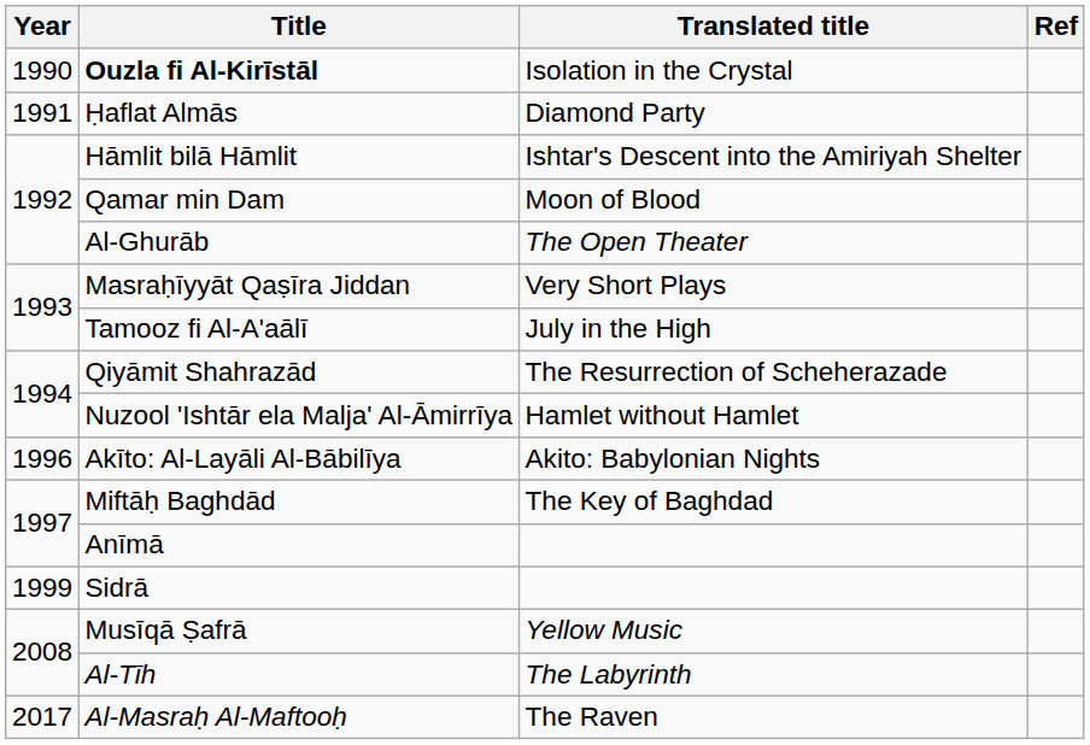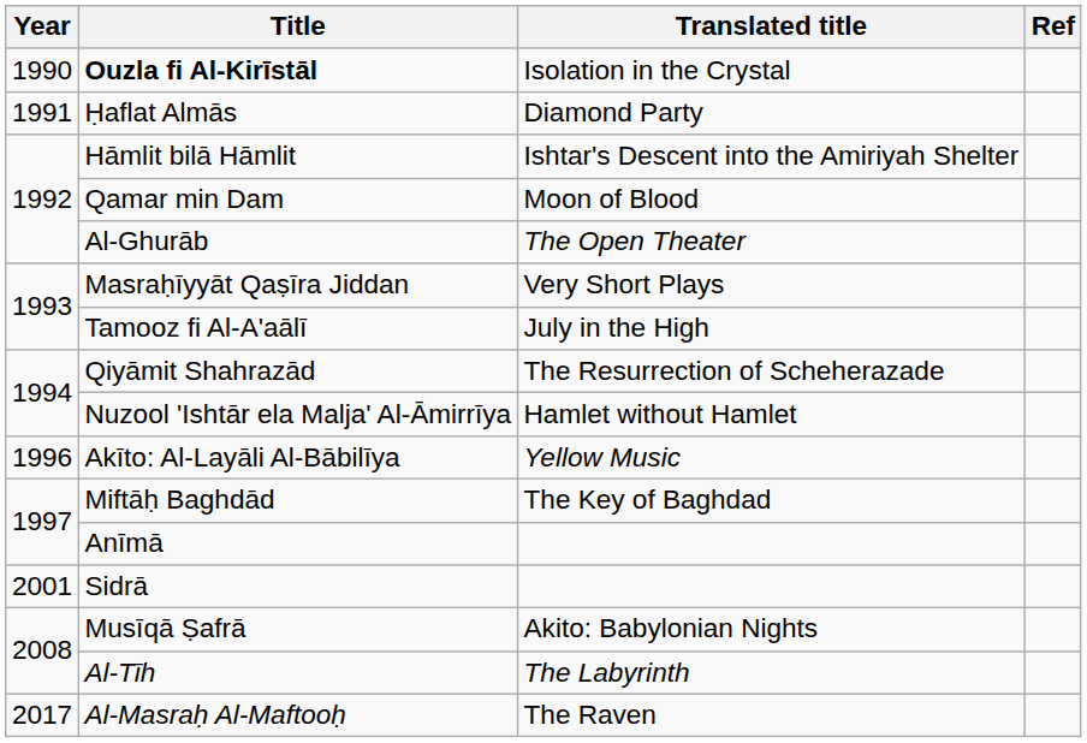 <table class="wikitable sortable">
 <tr>
 <th>Year</th>
 <th>Title</th>
 <th>Translated title</th>
 <th class="unsortable">Ref</th>
 </tr>
 <tr>
 <td>1990</td>
 <td><strong>Ouzla fi Al-Kirīstāl<em></td>
 <td></em>Isolation in the Crystal<em></td>
 <td></td>
 </tr>
 <tr>
 <td>1991</td>
 <td></em>Ḥaflat Almās<em></td>
 <td></em>Diamond Party<em></td>
 <td></td>
 </tr>
 <tr>
 <td rowspan="3">1992</td>
 <td></em>Hāmlit bilā Hāmlit<em></td>
 <td></em>Ishtar's Descent into the Amiriyah Shelter<em></td>
 <td></td>
 </tr>
 <tr>
 <td></em>Qamar min Dam<em></td>
 <td></em>Moon of Blood<em></td>
 <td></td>
 </tr>
 <tr>
 <td></em>Al-Ghurāb<em></td>
 <td><em>The Open Theater</em></td>
 <td></td>
 </tr>
 <tr>
 <td rowspan="2">1993</td>
 <td></em>Masraḥīyyāt Qaṣīra Jiddan<em></td>
 <td></em>Very Short Plays<em></td>
 <td></td>
 </tr>
 <tr>
 <td></em>Tamooz fi Al-A'aālī<em></td>
 <td></em>July in the High<em></td>
 <td></td>
 </tr>
 <tr>
 <td rowspan="2">1994</td>
 <td></em>Qiyāmit Shahrazād<em></td>
 <td></em>The Resurrection of Scheherazade<em></td>
 <td></td>
 </tr>
 <tr>
 <td></em>Nuzool 'Ishtār ela Malja' Al-Āmirrīya<em></td>
 <td></em>Hamlet without Hamlet<em></td>
 <td></td>
 </tr>
 <tr>
 <td>1996</td>
 <td></em>Akīto: Al-Layāli Al-Bābilīya<em></td>
-<td></em>Akito: Babylonian Nights<em></td>
+<td><em>Yellow Music</em></td>
 <td></td>
 </tr>
 <tr>
 <td rowspan="2">1997</td>
 <td></em>Miftāḥ Baghdād<em></td>
 <td></em>The Key of Baghdad<em></td>
 <td></td>
 </tr>
 <tr>
 <td></em>Anīmā<em></td>
 <td></td>
 <td></td>
 </tr>
 <tr>
-<td>1999</td>
+<td>2001</td>
 <td></em>Sidrā<em></td>
 <td></td>
 <td></td>
 </tr>
 <tr>
 <td rowspan="2">2008</td>
 <td></em>Musīqā Ṣafrā</strong></td>
-<td><em>Yellow Music</em></td>
+<td></em>Akito: Babylonian Nights<em></td>
 <td></td>
 </tr>
 <tr>
 <td><em>Al-Tīh</em></td>
 <td><em>The Labyrinth</em></td>
 <td></td>
 </tr>
 <tr>
 <td>2017</td>
 <td><em>Al-Masraḥ Al-Maftooḥ</em></td>
 <td></em>The Raven<em></td>
 <td></td>
 </tr>
 </table>
